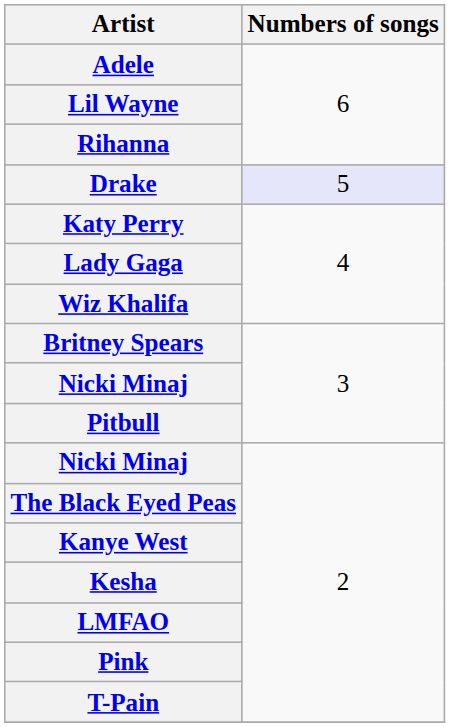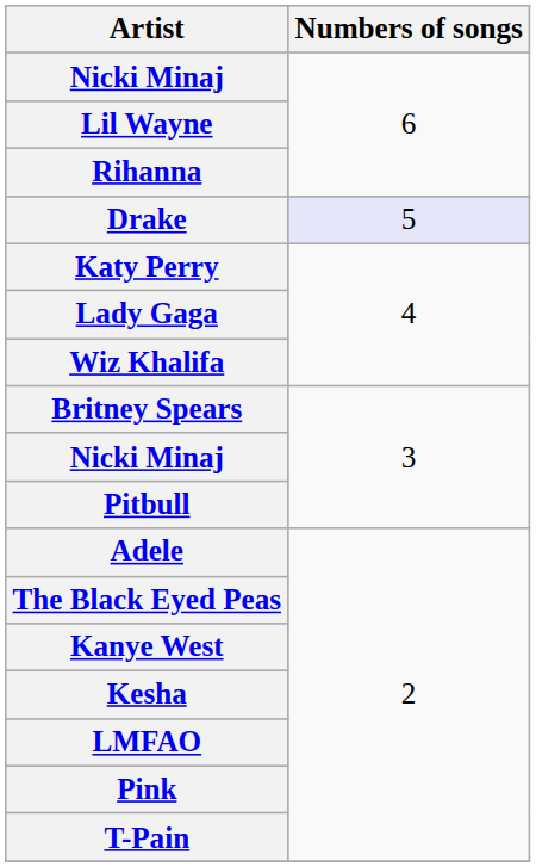 <table class="wikitable sortable plainrowheaders" style="text-align:center;">
 <tr>
 <th scope="col">Artist</th>
 <th scope="col">Numbers of songs</th>
 </tr>
 <tr>
-<th scope="row"><a href='#'>Adele</a></th>
+<th scope="row"><a href='#'>Nicki Minaj</a></th>
 <td rowspan="3">6</td>
 </tr>
 <tr>
 <th scope="row"><a href='#'>Lil Wayne</a></th>
 </tr>
 <tr>
 <th scope="row"><a href='#'>Rihanna</a></th>
 </tr>
 <tr>
 <th scope="row"><a href='#'>Drake</a></th>
 <td style="background: lavender;">5</td>
 </tr>
 <tr>
 <th scope="row"><a href='#'>Katy Perry</a></th>
 <td rowspan="3">4</td>
 </tr>
 <tr>
 <th scope="row"><a href='#'>Lady Gaga</a></th>
 </tr>
 <tr>
 <th scope="row"><a href='#'>Wiz Khalifa</a></th>
 </tr>
 <tr>
 <th scope="row"><a href='#'>Britney Spears</a></th>
 <td rowspan="3">3</td>
 </tr>
 <tr>
 <th scope="row"><a href='#'>Nicki Minaj</a></th>
 </tr>
 <tr>
 <th scope="row"><a href='#'>Pitbull</a></th>
 </tr>
 <tr>
-<th scope="row"><a href='#'>Nicki Minaj</a></th>
+<th scope="row"><a href='#'>Adele</a></th>
 <td rowspan="7">2</td>
 </tr>
 <tr>
 <th scope="row"><a href='#'>The Black Eyed Peas</a></th>
 </tr>
 <tr>
 <th scope="row"><a href='#'>Kanye West</a></th>
 </tr>
 <tr>
 <th scope="row"><a href='#'>Kesha</a></th>
 </tr>
 <tr>
 <th scope="row"><a href='#'>LMFAO</a></th>
 </tr>
 <tr>
 <th scope="row"><a href='#'>Pink</a></th>
 </tr>
 <tr>
 <th scope="row"><a href='#'>T-Pain</a></th>
 </tr>
 <tr>
 </tr>
 </table>
